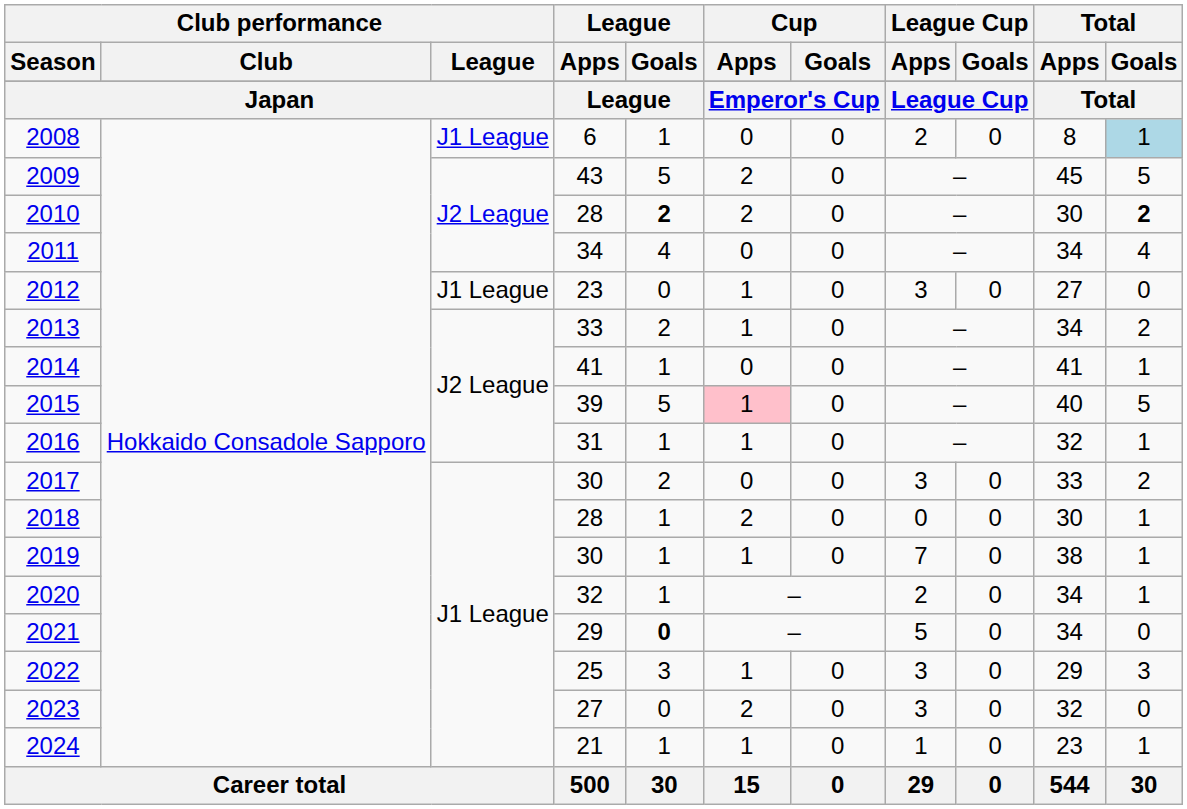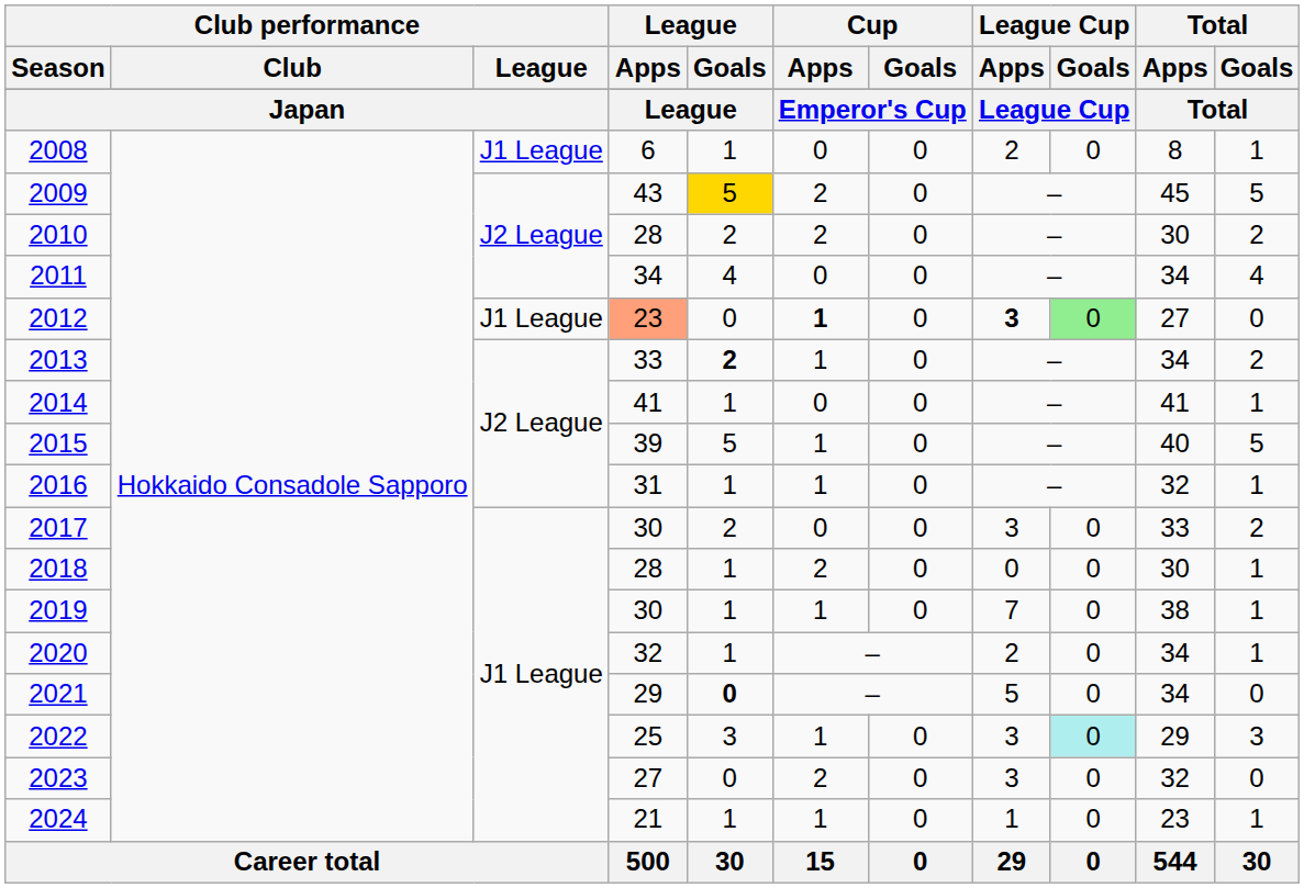 <table class="wikitable" style="text-align:center">
 <tr>
 <th colspan=3>Club performance</th>
 <th colspan=2>League</th>
 <th colspan=2>Cup</th>
 <th colspan=2>League Cup</th>
 <th colspan=2>Total</th>
 </tr>
 <tr>
 <th>Season</th>
 <th>Club</th>
 <th>League</th>
 <th>Apps</th>
 <th>Goals</th>
 <th>Apps</th>
 <th>Goals</th>
 <th>Apps</th>
 <th>Goals</th>
 <th>Apps</th>
 <th>Goals</th>
 </tr>
 <tr>
 </tr>
 <tr>
 <th colspan=3>Japan</th>
 <th colspan=2>League</th>
 <th colspan=2><a href='#'>Emperor's Cup</a></th>
 <th colspan=2><a href='#'>League Cup</a></th>
 <th colspan=2>Total</th>
 </tr>
 <tr>
 <td><a href='#'>2008</a></td>
 <td rowspan="17"><a href='#'>Hokkaido Consadole Sapporo</a></td>
 <td><a href='#'>J1 League</a></td>
 <td>6</td>
 <td>1</td>
 <td>0</td>
 <td>0</td>
 <td>2</td>
 <td>0</td>
 <td>8</td>
-<td style="background: lightblue;">1</td>
+<td>1</td>
 </tr>
 <tr>
 <td><a href='#'>2009</a></td>
 <td rowspan="3"><a href='#'>J2 League</a></td>
 <td>43</td>
-<td>5</td>
+<td style="background: gold;">5</td>
 <td>2</td>
 <td>0</td>
 <td colspan="2">–</td>
 <td>45</td>
 <td>5</td>
 </tr>
 <tr>
 <td><a href='#'>2010</a></td>
 <td>28</td>
-<td><strong>2</strong></td>
+<td>2</td>
 <td>2</td>
 <td>0</td>
 <td colspan="2">–</td>
 <td>30</td>
-<td><strong>2</strong></td>
+<td>2</td>
 </tr>
 <tr>
 <td><a href='#'>2011</a></td>
 <td>34</td>
 <td>4</td>
 <td>0</td>
 <td>0</td>
 <td colspan="2">–</td>
 <td>34</td>
 <td>4</td>
 </tr>
 <tr>
 <td><a href='#'>2012</a></td>
 <td>J1 League</td>
-<td>23</td>
+<td style="background: lightsalmon;">23</td>
 <td>0</td>
-<td>1</td>
+<td><strong>1</strong></td>
 <td>0</td>
-<td>3</td>
-<td>0</td>
+<td><strong>3</strong></td>
+<td style="background: lightgreen;">0</td>
 <td>27</td>
 <td>0</td>
 </tr>
 <tr>
 <td><a href='#'>2013</a></td>
 <td rowspan="4">J2 League</td>
 <td>33</td>
-<td>2</td>
+<td><strong>2</strong></td>
 <td>1</td>
 <td>0</td>
 <td colspan="2">–</td>
 <td>34</td>
 <td>2</td>
 </tr>
 <tr>
 <td><a href='#'>2014</a></td>
 <td>41</td>
 <td>1</td>
 <td>0</td>
 <td>0</td>
 <td colspan="2">–</td>
 <td>41</td>
 <td>1</td>
 </tr>
 <tr>
 <td><a href='#'>2015</a></td>
 <td>39</td>
 <td>5</td>
-<td style="background: pink;">1</td>
+<td>1</td>
 <td>0</td>
 <td colspan="2">–</td>
 <td>40</td>
 <td>5</td>
 </tr>
 <tr>
 <td><a href='#'>2016</a></td>
 <td>31</td>
 <td>1</td>
 <td>1</td>
 <td>0</td>
 <td colspan="2">–</td>
 <td>32</td>
 <td>1</td>
 </tr>
 <tr>
 <td><a href='#'>2017</a></td>
 <td rowspan="8">J1 League</td>
 <td>30</td>
 <td>2</td>
 <td>0</td>
 <td>0</td>
 <td>3</td>
 <td>0</td>
 <td>33</td>
 <td>2</td>
 </tr>
 <tr>
 <td><a href='#'>2018</a></td>
 <td>28</td>
 <td>1</td>
 <td>2</td>
 <td>0</td>
 <td>0</td>
 <td>0</td>
 <td>30</td>
 <td>1</td>
 </tr>
 <tr>
 <td><a href='#'>2019</a></td>
 <td>30</td>
 <td>1</td>
 <td>1</td>
 <td>0</td>
 <td>7</td>
 <td>0</td>
 <td>38</td>
 <td>1</td>
 </tr>
 <tr>
 <td><a href='#'>2020</a></td>
 <td>32</td>
 <td>1</td>
 <td colspan="2">–</td>
 <td>2</td>
 <td>0</td>
 <td>34</td>
 <td>1</td>
 </tr>
 <tr>
 <td><a href='#'>2021</a></td>
 <td>29</td>
 <td><strong>0</strong></td>
 <td colspan="2">–</td>
 <td>5</td>
 <td>0</td>
 <td>34</td>
 <td>0</td>
 </tr>
 <tr>
 <td><a href='#'>2022</a></td>
 <td>25</td>
 <td>3</td>
 <td>1</td>
 <td>0</td>
 <td>3</td>
-<td>0</td>
+<td style="background: paleturquoise;">0</td>
 <td>29</td>
 <td>3</td>
 </tr>
 <tr>
 <td><a href='#'>2023</a></td>
 <td>27</td>
 <td>0</td>
 <td>2</td>
 <td>0</td>
 <td>3</td>
 <td>0</td>
 <td>32</td>
 <td>0</td>
 </tr>
 <tr>
 <td><a href='#'>2024</a></td>
 <td>21</td>
 <td>1</td>
 <td>1</td>
 <td>0</td>
 <td>1</td>
 <td>0</td>
 <td>23</td>
 <td>1</td>
 </tr>
 <tr>
 <th colspan="3">Career total</th>
 <th>500</th>
 <th>30</th>
 <th>15</th>
 <th>0</th>
 <th>29</th>
 <th>0</th>
 <th>544</th>
 <th>30</th>
 </tr>
 </table>
